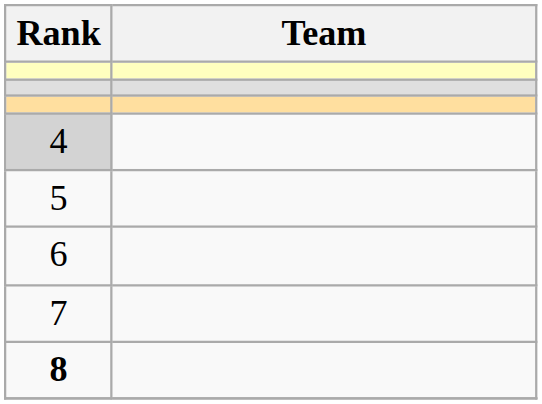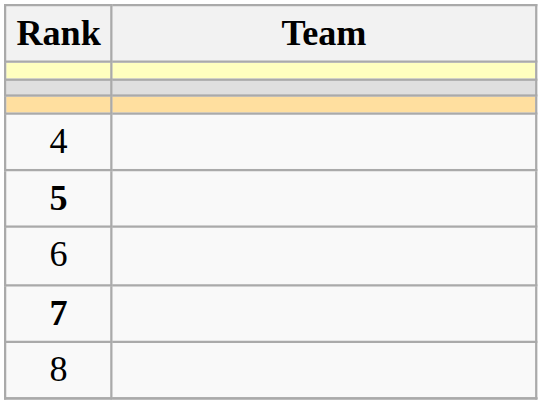 <table class="wikitable">
 <tr>
 <th width=40>Rank</th>
 <th width=180>Team</th>
 </tr>
 <tr bgcolor=#ffffbf>
 <td align=center></td>
 <td align="left"></td>
 </tr>
 <tr bgcolor=#dfdfdf>
 <td align=center></td>
 <td align="left"></td>
 </tr>
 <tr bgcolor=#ffdf9f>
 <td align=center></td>
 <td align="left"></td>
 </tr>
 <tr>
-<td align=center style="background: lightgrey;">4</td>
+<td align=center>4</td>
 <td align="left"></td>
 </tr>
 <tr>
-<td align=center>5</td>
+<td align=center><strong>5</strong></td>
 <td align="left"></td>
 </tr>
 <tr>
 <td align=center>6</td>
 <td align="left"></td>
 </tr>
 <tr>
-<td align=center>7</td>
+<td align=center><strong>7</strong></td>
 <td align="left"></td>
 </tr>
 <tr>
-<td align=center><strong>8</strong></td>
+<td align=center>8</td>
 <td align="left"></td>
 </tr>
 <tr>
 </tr>
 </table>
